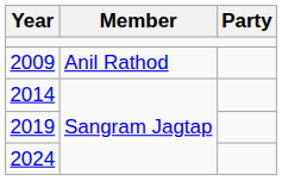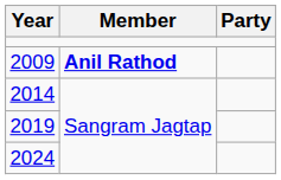 <table class="wikitable">
 <tr>
 <th>Year</th>
 <th>Member</th>
 <th colspan="2">Party</th>
 </tr>
 <tr>
 <td colspan="4"></td>
 </tr>
 <tr>
 <td><a href='#'>2009</a></td>
-<td><a href='#'>Anil Rathod</a></td>
+<td><strong><a href='#'>Anil Rathod</a></strong></td>
 <td></td>
 </tr>
 <tr>
 <td><a href='#'>2014</a></td>
 <td rowspan="3"><a href='#'>Sangram Jagtap</a></td>
 <td></td>
 </tr>
 <tr>
 <td><a href='#'>2019</a></td>
 </tr>
 <tr>
 <td><a href='#'>2024</a></td>
 <td></td>
 </tr>
 </table>
